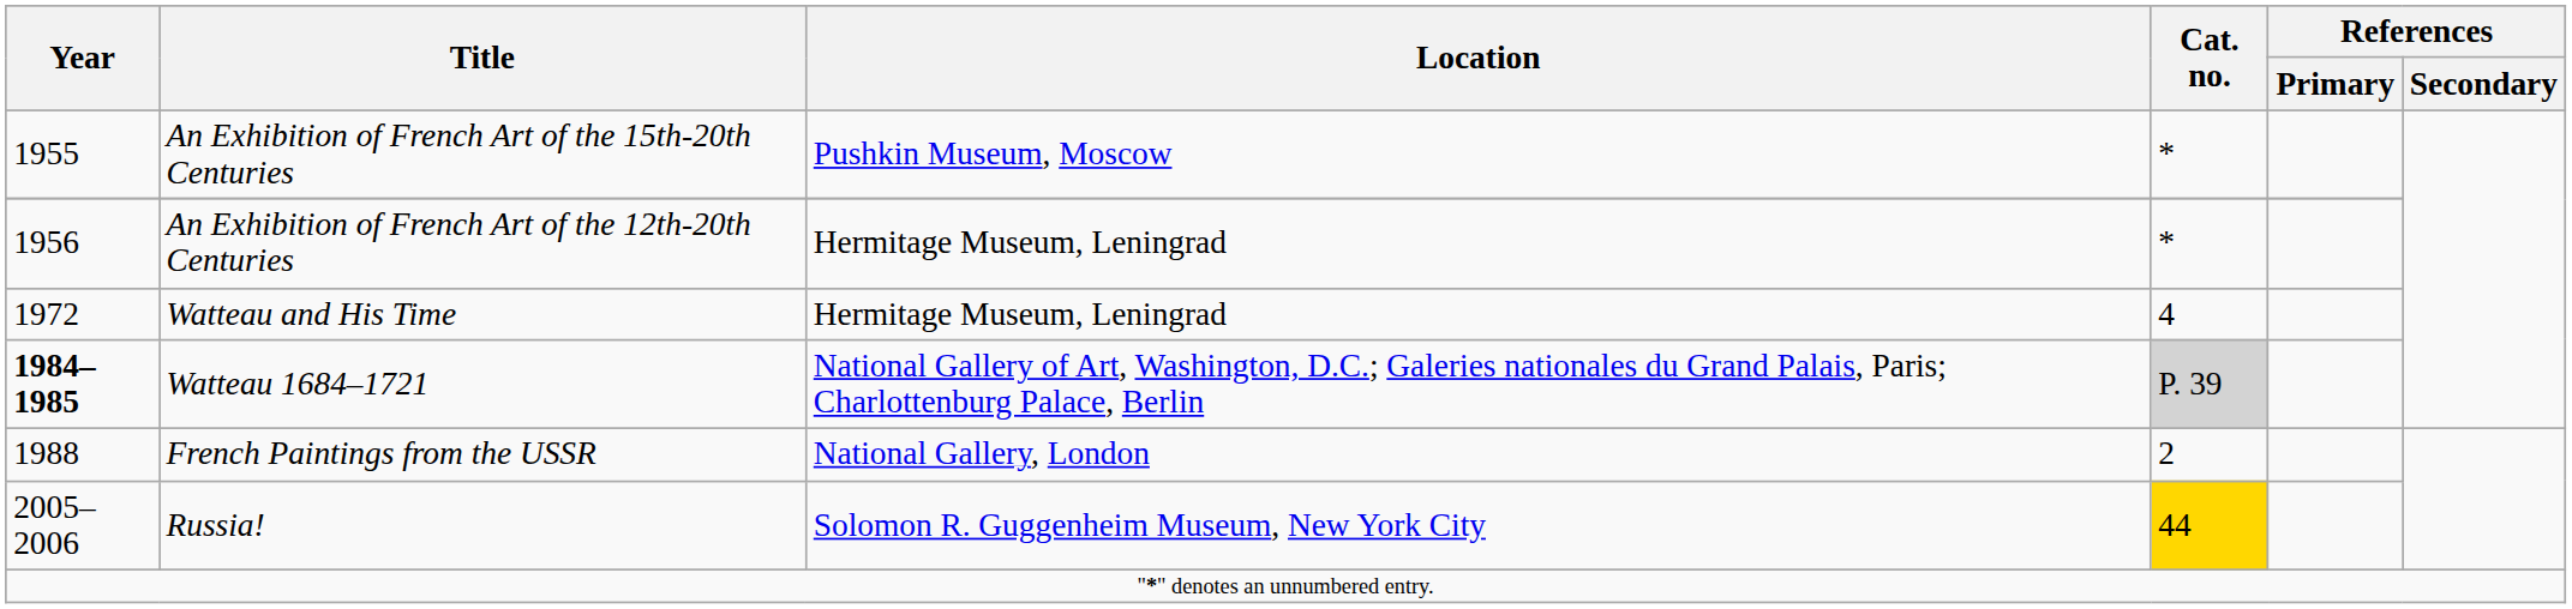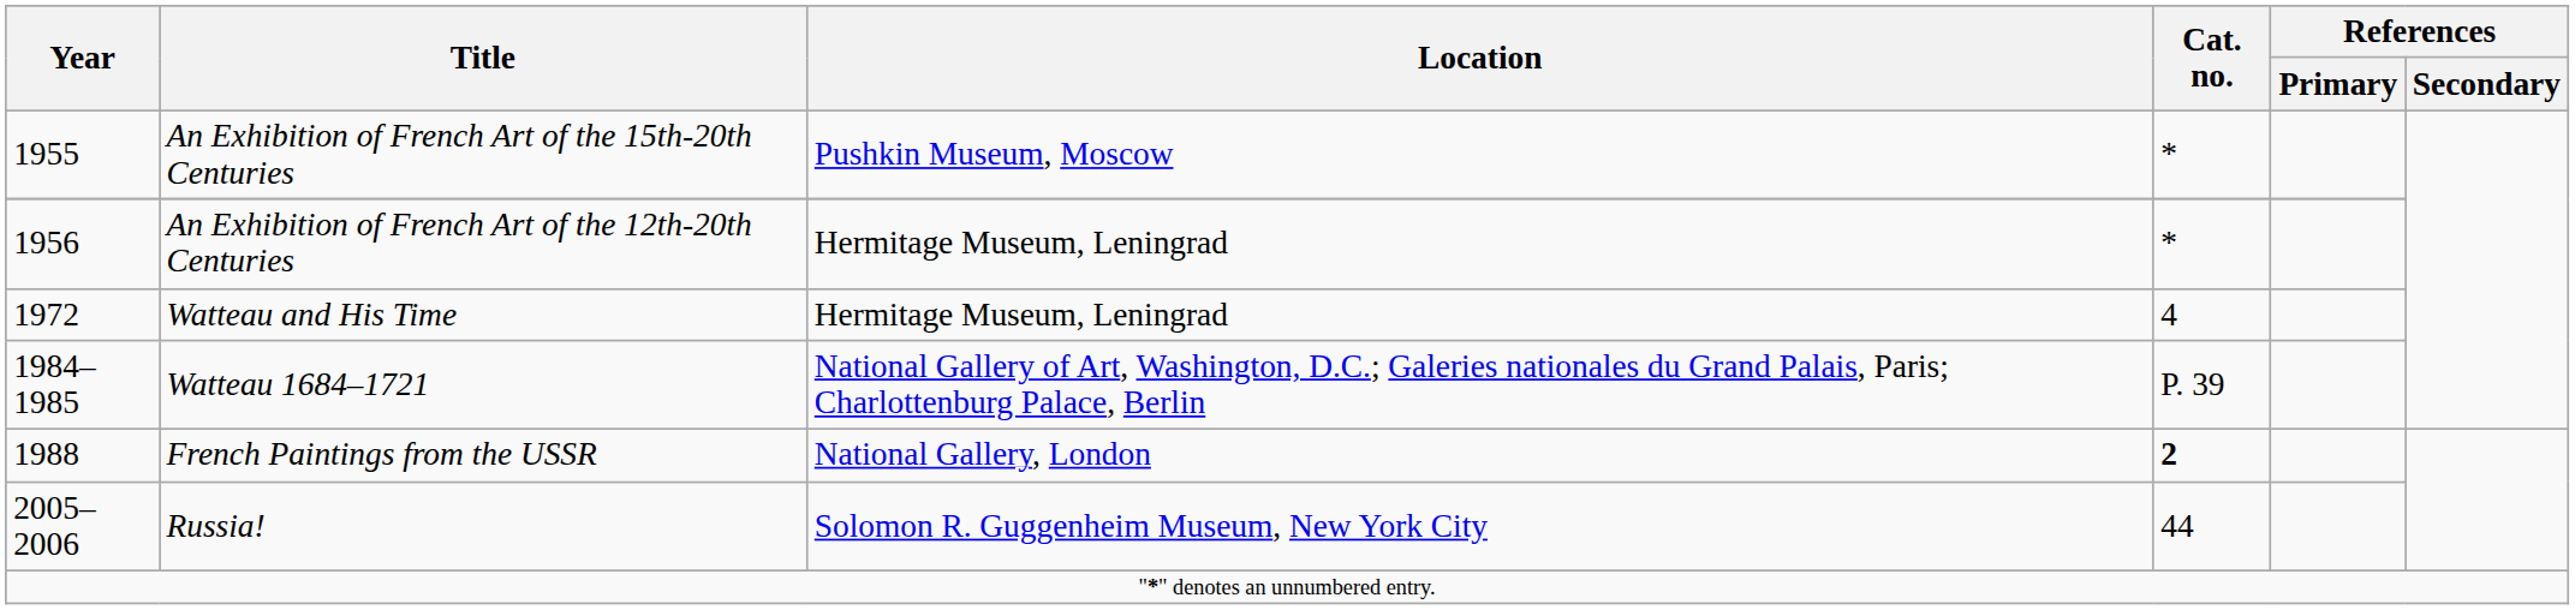 <table class="wikitable">
 <tr>
 <th rowspan="2">Year</th>
 <th rowspan="2">Title</th>
 <th rowspan="2">Location</th>
 <th rowspan="2">Cat. no.</th>
 <th colspan="2">References</th>
 </tr>
 <tr>
 <th>Primary</th>
 <th>Secondary</th>
 </tr>
 <tr>
 <td>1955</td>
 <td><em>An Exhibition of French Art of the 15th-20th Centuries</em></td>
 <td><a href='#'>Pushkin Museum</a>, <a href='#'>Moscow</a></td>
 <td>*</td>
 <td></td>
 <td rowspan="5"></td>
 </tr>
 <tr>
 </tr>
 <tr>
 <td>1956</td>
 <td><em>An Exhibition of French Art of the 12th-20th Centuries</em></td>
 <td>Hermitage Museum, Leningrad</td>
 <td>*</td>
 <td></td>
 </tr>
 <tr>
 <td>1972</td>
 <td><em>Watteau and His Time</em></td>
 <td>Hermitage Museum, Leningrad</td>
 <td>4</td>
 <td></td>
 </tr>
 <tr>
-<td><strong>1984–1985</strong></td>
+<td>1984–1985</td>
 <td><em>Watteau 1684–1721</em></td>
 <td><a href='#'>National Gallery of Art</a>, <a href='#'>Washington, D.C.</a>; <a href='#'>Galeries nationales du Grand Palais</a>, Paris; <a href='#'>Charlottenburg Palace</a>, <a href='#'>Berlin</a></td>
-<td style="background: lightgrey;">P. 39</td>
+<td>P. 39</td>
 <td></td>
 </tr>
 <tr>
 <td>1988</td>
 <td><em>French Paintings from the USSR</em></td>
 <td><a href='#'>National Gallery</a>, <a href='#'>London</a></td>
-<td>2</td>
+<td><strong>2</strong></td>
 <td></td>
 </tr>
 <tr>
 <td>2005–2006</td>
 <td><em>Russia!</em></td>
 <td><a href='#'>Solomon R. Guggenheim Museum</a>, <a href='#'>New York City</a></td>
-<td style="background: gold;">44</td>
+<td>44</td>
 <td></td>
 </tr>
 <tr class="sortbottom">
 <td colspan=10 style=font-size:8pt; align=center>"<strong>*</strong>" denotes an unnumbered entry.</td>
 </tr>
 </table>
